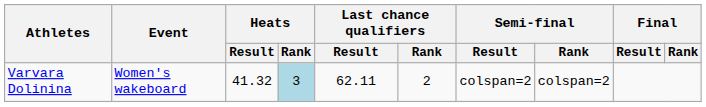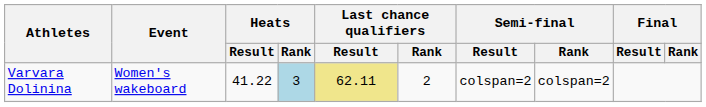 <table class=wikitable style="font-size:90%">
 <tr>
 <th rowspan="2">Athletes</th>
 <th rowspan="2">Event</th>
 <th colspan="2">Heats</th>
 <th colspan="2">Last chance qualifiers</th>
 <th colspan="2">Semi-final</th>
 <th colspan="2">Final</th>
 </tr>
 <tr style="font-size:95%">
 <th>Result</th>
 <th>Rank</th>
 <th>Result</th>
 <th>Rank</th>
 <th>Result</th>
 <th>Rank</th>
 <th>Result</th>
 <th>Rank</th>
 </tr>
 <tr align=center>
 <td align=left><a href='#'>Varvara Dolinina</a></td>
 <td align=left><a href='#'>Women's wakeboard</a></td>
-<td>41.32</td>
+<td>41.22</td>
 <td style="background: lightblue;">3</td>
-<td>62.11</td>
+<td style="background: khaki;">62.11</td>
 <td>2</td>
 <td>colspan=2 </td>
 <td>colspan=2 </td>
 </tr>
 </table>
